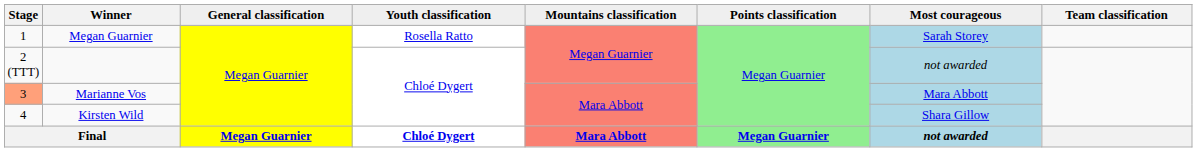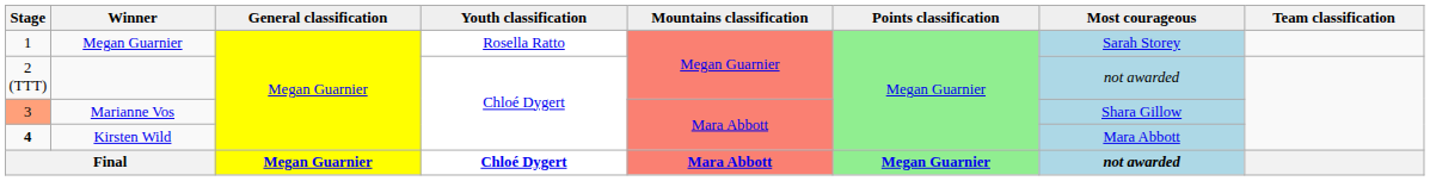 <table class="wikitable" style="text-align: center; font-size:smaller;">
 <tr style="background:#efefef;">
 <th>Stage</th>
 <th style="width:12%;">Winner</th>
 <th style="background:#efefef; width:15%;"><strong>General classification</strong><br></th>
 <th style="background:#efefef; width:15%;"><strong>Youth classification</strong><br></th>
 <th style="background:#efefef; width:15%;"><strong>Mountains classification</strong><br></th>
 <th style="background:#efefef; width:15%;"><strong>Points classification</strong><br></th>
 <th style="background:#efefef; width:15%;"><strong>Most courageous</strong><br></th>
 <th style="width:25%;"><strong>Team classification</strong></th>
 </tr>
 <tr>
 <td>1</td>
 <td><a href='#'>Megan Guarnier</a></td>
 <td style="background:yellow;" rowspan=4><a href='#'>Megan Guarnier</a></td>
 <td style="background:white;"><a href='#'>Rosella Ratto</a></td>
 <td style="background:salmon;" rowspan=2><a href='#'>Megan Guarnier</a></td>
 <td style="background:lightgreen;" rowspan=4><a href='#'>Megan Guarnier</a></td>
 <td style="background:lightblue;"><a href='#'>Sarah Storey</a></td>
 <td></td>
 </tr>
 <tr>
 <td>2 (TTT)</td>
 <td></td>
 <td style="background:white;" rowspan=3><a href='#'>Chloé Dygert</a></td>
 <td style="background:lightblue;"><em>not awarded</em></td>
 <td rowspan=3></td>
 </tr>
 <tr>
 <td style="background: lightsalmon;">3</td>
 <td><a href='#'>Marianne Vos</a></td>
 <td style="background:salmon;" rowspan=2><a href='#'>Mara Abbott</a></td>
-<td style="background:lightblue;"><a href='#'>Mara Abbott</a></td>
+<td style="background:lightblue;"><a href='#'>Shara Gillow</a></td>
 </tr>
 <tr>
-<td>4</td>
+<td><strong>4</strong></td>
 <td><a href='#'>Kirsten Wild</a></td>
-<td style="background:lightblue;"><a href='#'>Shara Gillow</a></td>
+<td style="background:lightblue;"><a href='#'>Mara Abbott</a></td>
 </tr>
 <tr>
 <th colspan=2><strong>Final</strong></th>
 <th style="background:yellow;"><a href='#'>Megan Guarnier</a></th>
 <th style="background:white;"><a href='#'>Chloé Dygert</a></th>
 <th style="background:salmon;"><a href='#'>Mara Abbott</a></th>
 <th style="background:lightgreen;"><a href='#'>Megan Guarnier</a></th>
 <th style="background:lightblue;"><em>not awarded</em></th>
 <th></th>
 </tr>
 </table>
